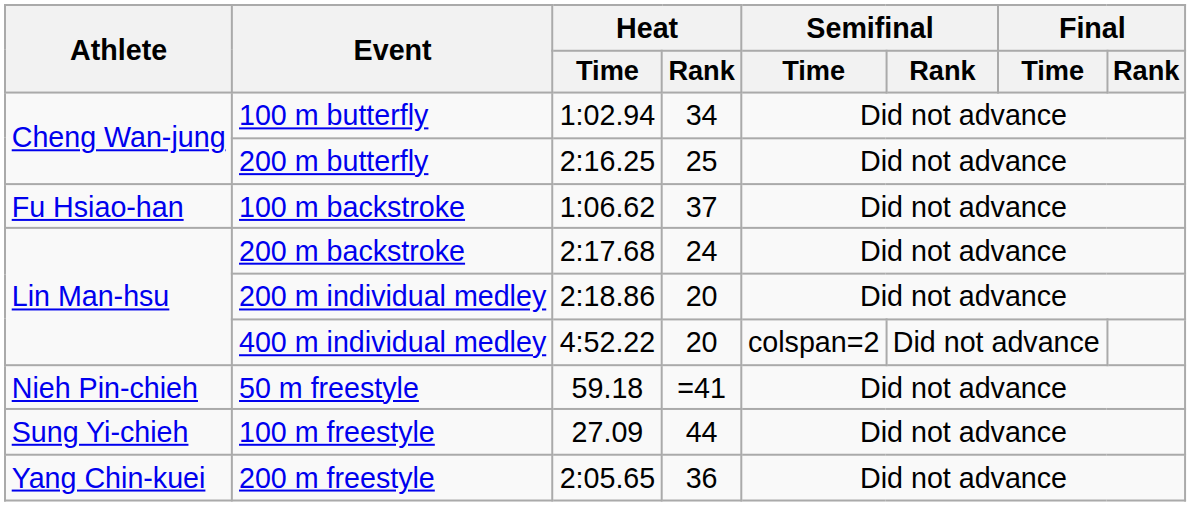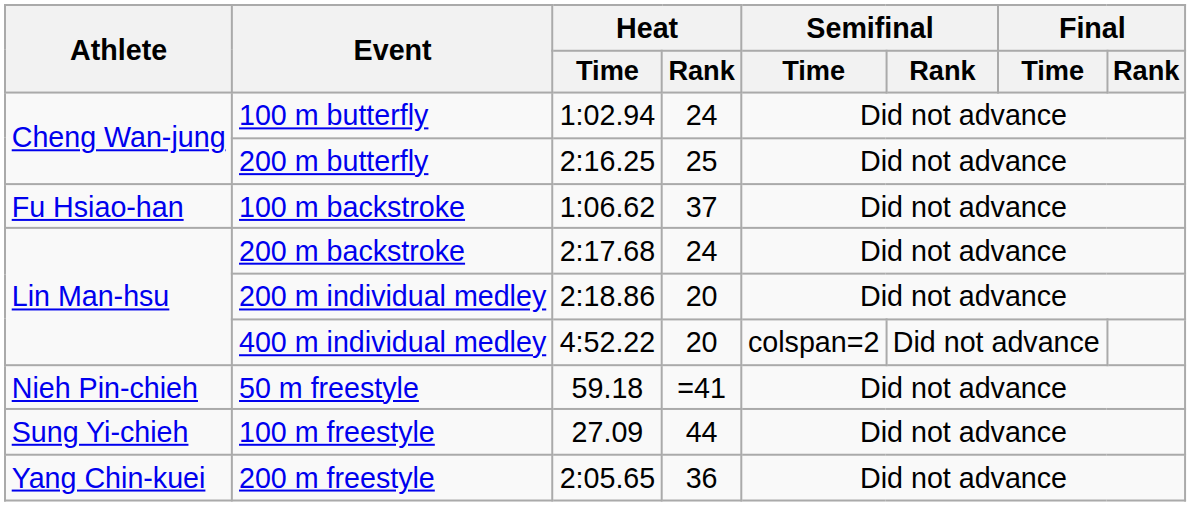 <table class=wikitable style="font-size:90%">
 <tr>
 <th rowspan="2">Athlete</th>
 <th rowspan="2">Event</th>
 <th colspan="2">Heat</th>
 <th colspan="2">Semifinal</th>
 <th colspan="2">Final</th>
 </tr>
 <tr style="font-size:95%">
 <th>Time</th>
 <th>Rank</th>
 <th>Time</th>
 <th>Rank</th>
 <th>Time</th>
 <th>Rank</th>
 </tr>
 <tr align=center>
 <td align=left rowspan=2><a href='#'>Cheng Wan-jung</a></td>
 <td align=left><a href='#'>100 m butterfly</a></td>
 <td>1:02.94</td>
-<td>34</td>
+<td>24</td>
 <td colspan=4>Did not advance</td>
 </tr>
 <tr align=center>
 <td align=left><a href='#'>200 m butterfly</a></td>
 <td>2:16.25</td>
 <td>25</td>
 <td colspan=4>Did not advance</td>
 </tr>
 <tr align=center>
 <td align=left><a href='#'>Fu Hsiao-han</a></td>
 <td align=left><a href='#'>100 m backstroke</a></td>
 <td>1:06.62</td>
 <td>37</td>
 <td colspan=4>Did not advance</td>
 </tr>
 <tr align=center>
 <td align=left rowspan=3><a href='#'>Lin Man-hsu</a></td>
 <td align=left><a href='#'>200 m backstroke</a></td>
 <td>2:17.68</td>
 <td>24</td>
 <td colspan=4>Did not advance</td>
 </tr>
 <tr align=center>
 <td align=left><a href='#'>200 m individual medley</a></td>
 <td>2:18.86</td>
 <td>20</td>
 <td colspan=4>Did not advance</td>
 </tr>
 <tr align=center>
 <td align=left><a href='#'>400 m individual medley</a></td>
 <td>4:52.22</td>
 <td>20</td>
 <td>colspan=2 </td>
 <td colspan=2>Did not advance</td>
 </tr>
 <tr align=center>
 <td align=left><a href='#'>Nieh Pin-chieh</a></td>
 <td align=left><a href='#'>50 m freestyle</a></td>
 <td>59.18</td>
 <td>=41</td>
 <td colspan=4>Did not advance</td>
 </tr>
 <tr align=center>
 <td align=left><a href='#'>Sung Yi-chieh</a></td>
 <td align=left><a href='#'>100 m freestyle</a></td>
 <td>27.09</td>
 <td>44</td>
 <td colspan=4>Did not advance</td>
 </tr>
 <tr align=center>
 <td align=left><a href='#'>Yang Chin-kuei</a></td>
 <td align=left><a href='#'>200 m freestyle</a></td>
 <td>2:05.65</td>
 <td>36</td>
 <td colspan=4>Did not advance</td>
 </tr>
 </table>
